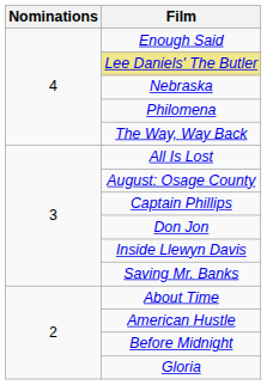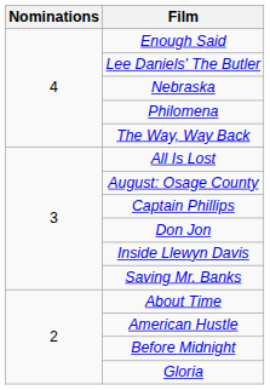 <table class="wikitable plainrowheaders" style="text-align:center;">
 <tr>
 <th scope="col" style="width:55px;">Nominations</th>
 <th scope="col" style="text-align:center;">Film</th>
 </tr>
 <tr>
 <td rowspan="5" scope="row" style="text-align:center">4</td>
 <td><em><a href='#'>Enough Said</a></em></td>
 </tr>
 <tr>
-<td style="background: khaki;"><em><a href='#'>Lee Daniels' The Butler</a></em></td>
+<td><em><a href='#'>Lee Daniels' The Butler</a></em></td>
 </tr>
 <tr>
 <td><em><a href='#'>Nebraska</a></em></td>
 </tr>
 <tr>
 <td><em><a href='#'>Philomena</a></em></td>
 </tr>
 <tr>
 <td><em><a href='#'>The Way, Way Back</a></em></td>
 </tr>
 <tr>
 <td scope=row rowspan=6 style="text-align:center;">3</td>
 <td><em><a href='#'>All Is Lost</a></em></td>
 </tr>
 <tr>
 <td><em><a href='#'>August: Osage County</a></em></td>
 </tr>
 <tr>
 <td><em><a href='#'>Captain Phillips</a></em></td>
 </tr>
 <tr>
 <td><em><a href='#'>Don Jon</a></em></td>
 </tr>
 <tr>
 <td><em><a href='#'>Inside Llewyn Davis</a></em></td>
 </tr>
 <tr>
 <td><em><a href='#'>Saving Mr. Banks</a></em></td>
 </tr>
 <tr>
 <td scope=row rowspan=4 style="text-align:center;">2</td>
 <td><em><a href='#'>About Time</a></em></td>
 </tr>
 <tr>
 <td><em><a href='#'>American Hustle</a></em></td>
 </tr>
 <tr>
 <td><em><a href='#'>Before Midnight</a></em></td>
 </tr>
 <tr>
 <td><em><a href='#'>Gloria</a></em></td>
 </tr>
 </table>
